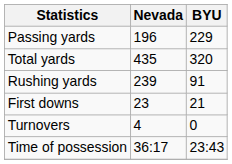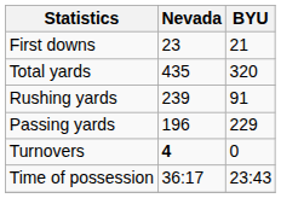 <table class="wikitable">
 <tr>
 <th>Statistics</th>
 <th>Nevada</th>
 <th>BYU</th>
 </tr>
 <tr>
-<td>Passing yards</td>
-<td>196</td>
-<td>229</td>
+<td>First downs</td>
+<td>23</td>
+<td>21</td>
 </tr>
 <tr>
 <td>Total yards</td>
 <td>435</td>
 <td>320</td>
 </tr>
 <tr>
 <td>Rushing yards</td>
 <td>239</td>
 <td>91</td>
 </tr>
 <tr>
-<td>First downs</td>
-<td>23</td>
-<td>21</td>
+<td>Passing yards</td>
+<td>196</td>
+<td>229</td>
 </tr>
 <tr>
 <td>Turnovers</td>
-<td>4</td>
+<td><strong>4</strong></td>
 <td>0</td>
 </tr>
 <tr>
 <td>Time of possession</td>
 <td>36:17</td>
 <td>23:43</td>
 </tr>
 <tr>
 </tr>
 </table>
